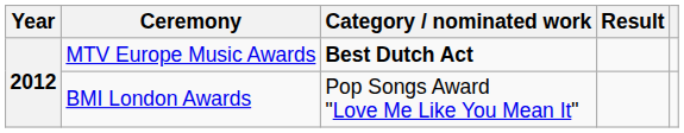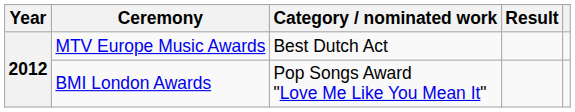 <table class="wikitable">
 <tr>
 <th scope="col">Year</th>
 <th scope="col">Ceremony</th>
 <th scope="col">Category / nominated work</th>
 <th scope="col">Result</th>
 <th scope="col"></th>
 </tr>
 <tr>
 <th scope="row" rowspan="2">2012</th>
 <td><a href='#'>MTV Europe Music Awards</a></td>
-<td><strong>Best Dutch Act</strong></td>
+<td>Best Dutch Act</td>
 <td></td>
 <td></td>
 </tr>
 <tr>
 <td><a href='#'>BMI London Awards</a></td>
 <td>Pop Songs Award <br> "<a href='#'>Love Me Like You Mean It</a>"</td>
 <td></td>
 <td></td>
 </tr>
 </table>
